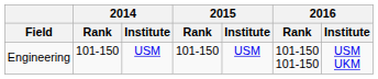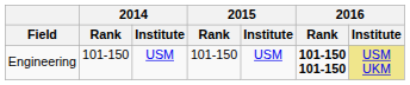 <table class="wikitable">
 <tr>
 <th></th>
 <th colspan=2>2014</th>
 <th colspan=2>2015</th>
 <th colspan=2>2016</th>
 </tr>
 <tr>
 <th>Field</th>
 <th>Rank</th>
 <th>Institute</th>
 <th>Rank</th>
 <th>Institute</th>
 <th>Rank</th>
 <th>Institute</th>
 </tr>
 <tr align=center valign=top>
 <td valign=middle>Engineering</td>
 <td> 101-150</td>
 <td><a href='#'>USM</a></td>
 <td> 101-150</td>
 <td><a href='#'>USM</a></td>
-<td> 101-150<br>101-150</td>
-<td><a href='#'>USM</a><br><a href='#'>UKM</a></td>
+<td><strong> 101-150<br>101-150</strong></td>
+<td style="background: khaki;"><a href='#'>USM</a><br><a href='#'>UKM</a></td>
 </tr>
 </table>
